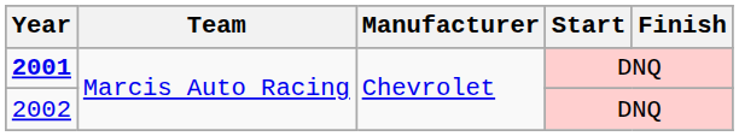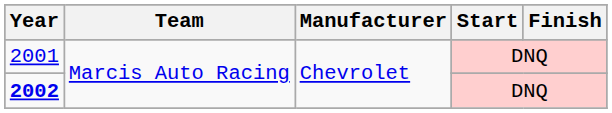 <table class="wikitable" style="font-size: 90%;">
 <tr>
 <th>Year</th>
 <th>Team</th>
 <th>Manufacturer</th>
 <th>Start</th>
 <th>Finish</th>
 </tr>
 <tr>
-<td><strong><a href='#'>2001</a></strong></td>
+<td><a href='#'>2001</a></td>
 <td rowspan=2><a href='#'>Marcis Auto Racing</a></td>
 <td rowspan=2><a href='#'>Chevrolet</a></td>
 <td align=center colspan=2 style="background:#FFCFCF;">DNQ</td>
 </tr>
 <tr>
-<td><a href='#'>2002</a></td>
+<td><strong><a href='#'>2002</a></strong></td>
 <td align=center colspan=2 style="background:#FFCFCF;">DNQ</td>
 </tr>
 </table>
